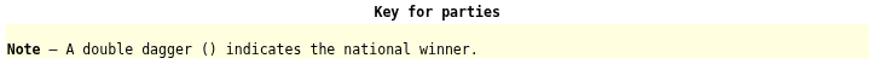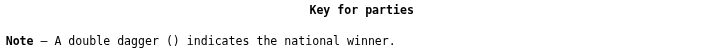 <table class="toccolours" style="width:62em">
 <tr>
 <th>Key for parties</th>
 </tr>
 <tr>
-<td style="background: lightyellow;"><br>                      <strong>Note</strong> – A double dagger () indicates the national winner.</td>
+<td><br>                      <strong>Note</strong> – A double dagger () indicates the national winner.</td>
 </tr>
 </table>
